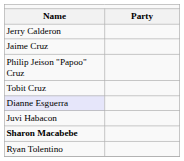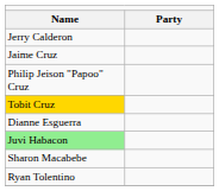 <table class=wikitable style="font-size:90%">
 <tr>
 <td colspan=4 bgcolor=></td>
 </tr>
 <tr>
 <th width=150px>Name</th>
 <th colspan=2 width=110px>Party</th>
 </tr>
 <tr>
 <td>Jerry Calderon</td>
 <td></td>
 </tr>
 <tr>
 <td>Jaime Cruz</td>
 <td></td>
 </tr>
 <tr>
 <td>Philip Jeison "Papoo" Cruz</td>
 <td></td>
 </tr>
 <tr>
-<td>Tobit Cruz</td>
+<td style="background: gold;">Tobit Cruz</td>
 <td></td>
 </tr>
 <tr>
-<td style="background: lavender;">Dianne Esguerra</td>
+<td>Dianne Esguerra</td>
 <td></td>
 </tr>
 <tr>
-<td>Juvi Habacon</td>
+<td style="background: lightgreen;">Juvi Habacon</td>
 <td></td>
 </tr>
 <tr>
-<td><strong>Sharon Macabebe</strong></td>
+<td>Sharon Macabebe</td>
 <td></td>
 </tr>
 <tr>
 <td>Ryan Tolentino</td>
 <td></td>
 </tr>
 <tr>
 </tr>
 </table>
